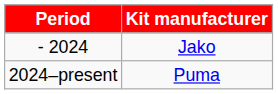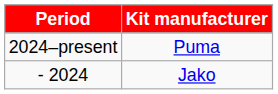 <table class="wikitable" style="font-size: 95%; text-align:center">
 <tr>
 <th scope=col style="color:#FFFFFF; background:#FF0000">Period</th>
 <th scope=col style="color:#FFFFFF; background:#FF0000">Kit manufacturer</th>
 </tr>
 <tr>
+<td>2024–present</td>
+<td> <a href='#'>Puma</a></td>
+</tr>
+<tr>
 <td>- 2024</td>
 <td> <a href='#'>Jako</a></td>
 </tr>
-<tr>
-<td>2024–present</td>
-<td> <a href='#'>Puma</a></td>
-</tr>
 </table>
